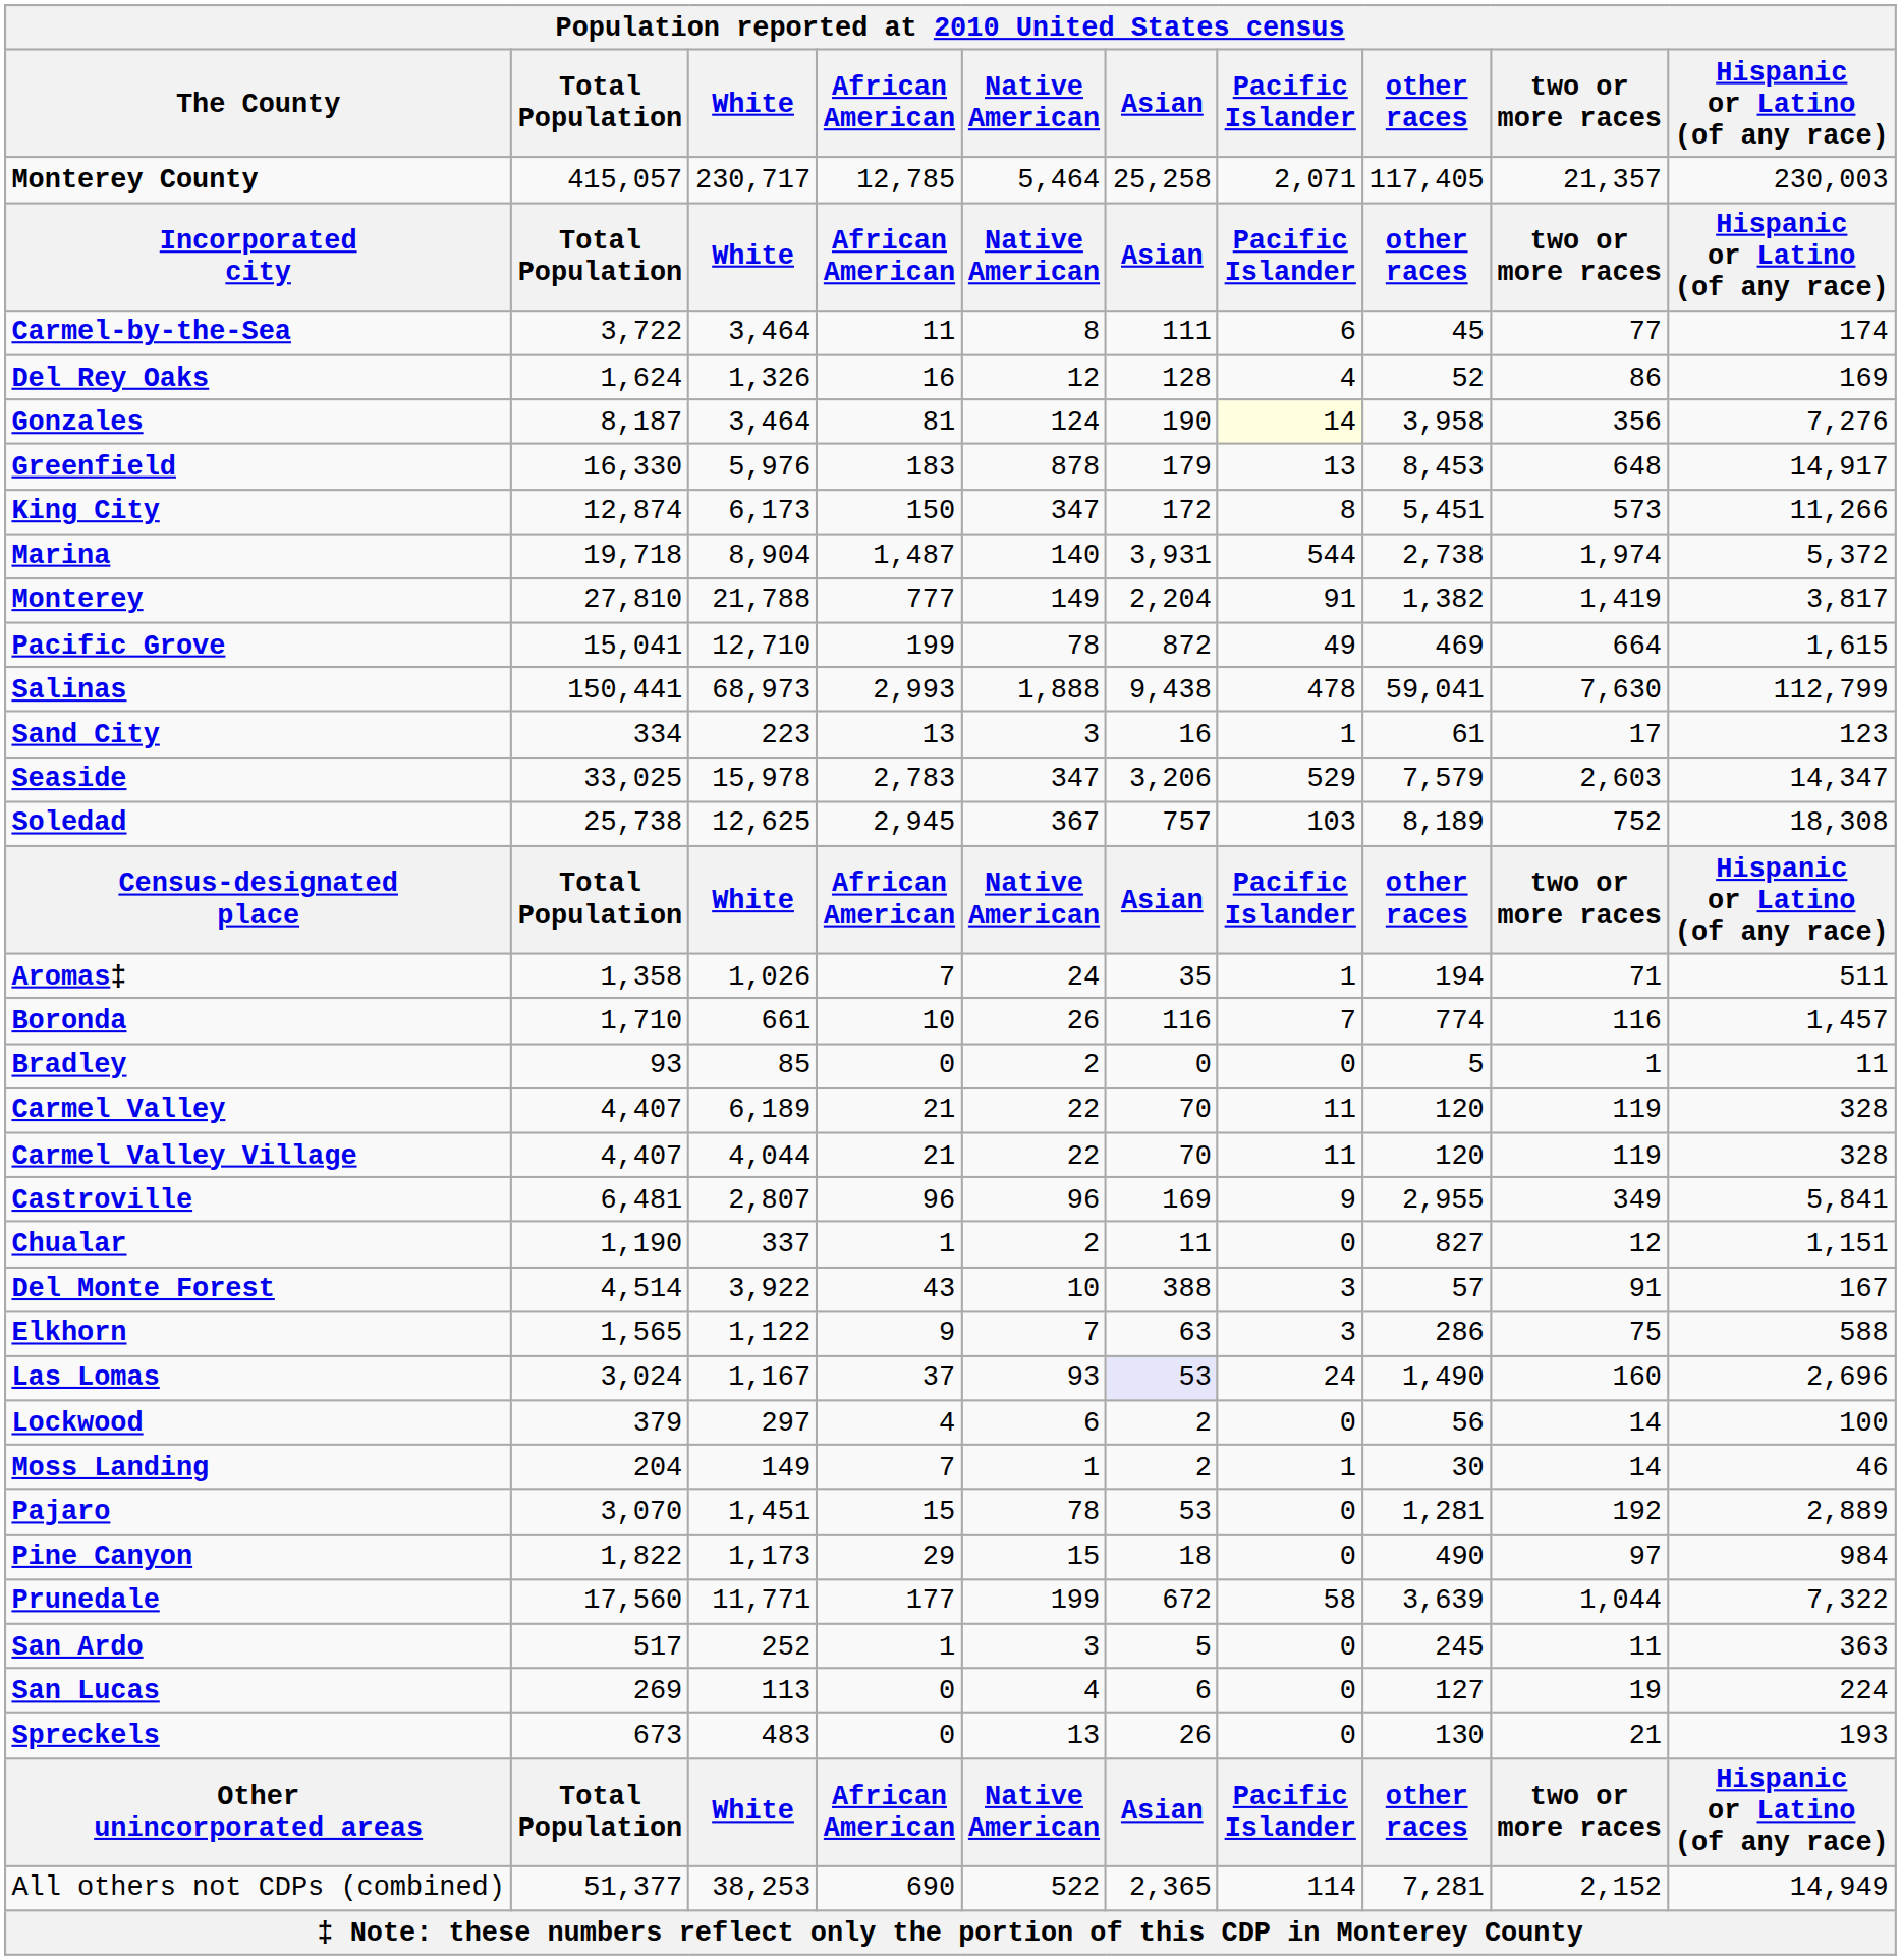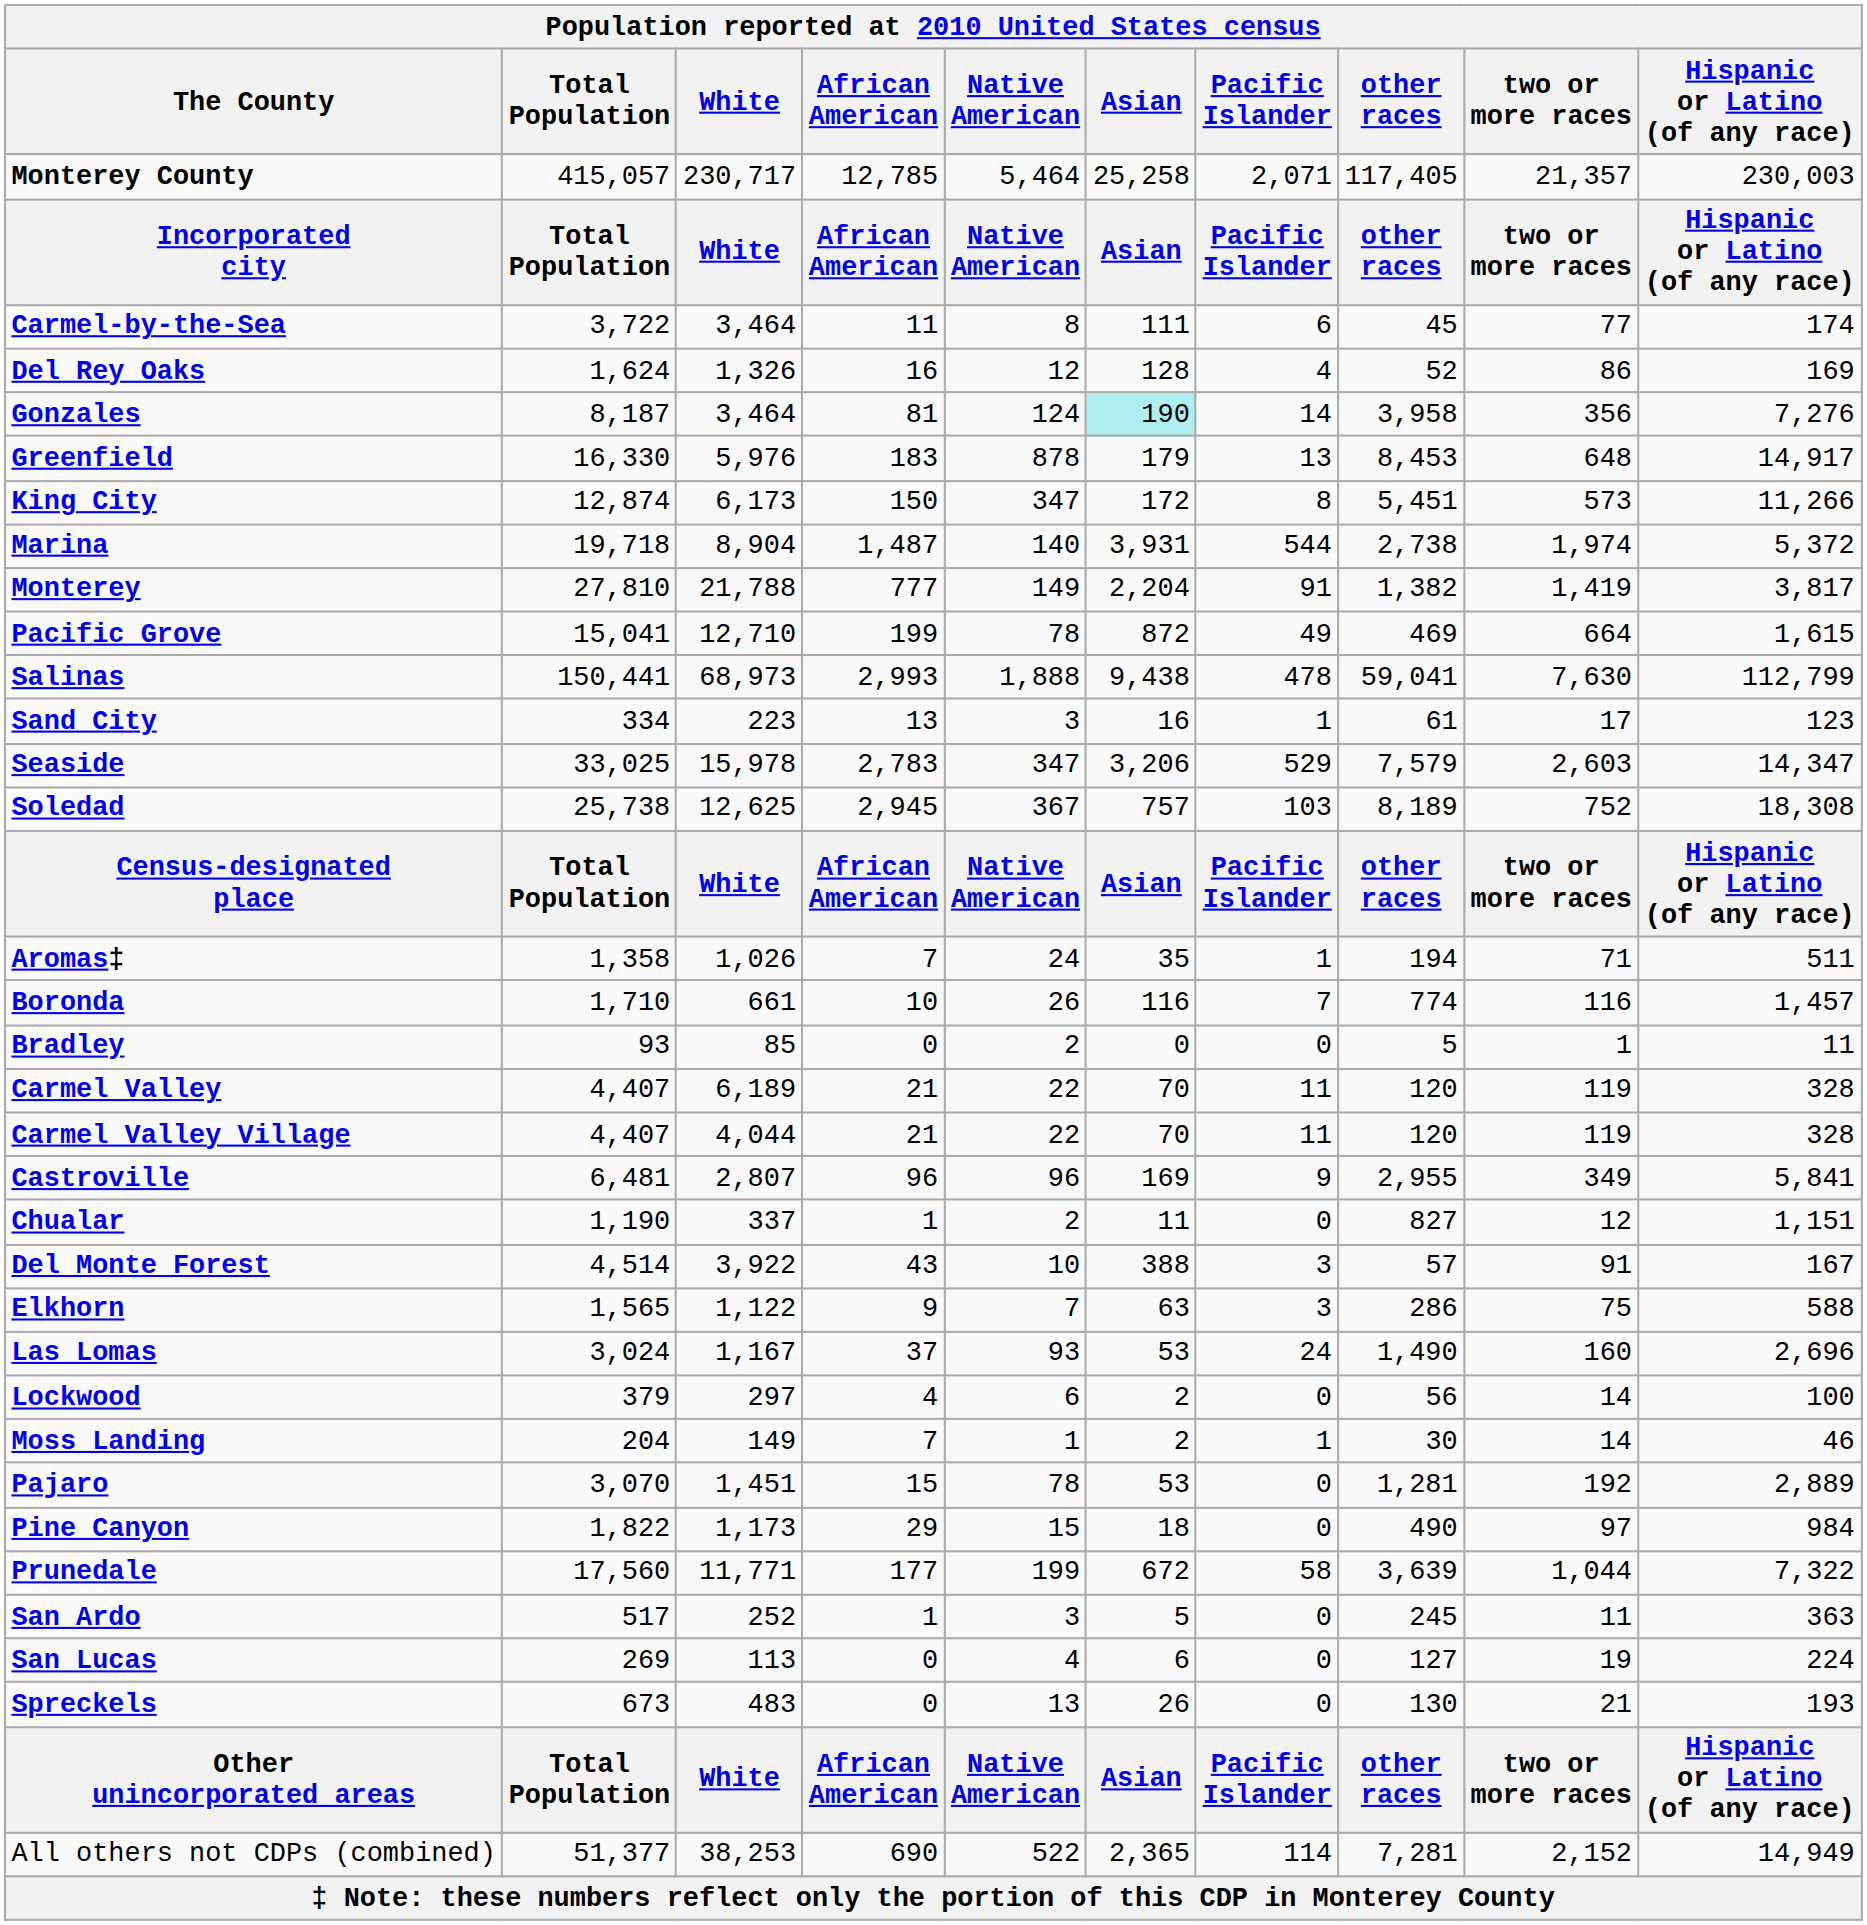 <table class="wikitable collapsible collapsed">
 <tr>
 <th colspan=10>Population reported at <a href='#'>2010 United States census</a></th>
 </tr>
 <tr>
 <th>The County</th>
 <th>Total<br>Population</th>
 <th><a href='#'>White</a></th>
 <th><a href='#'>African<br>American</a></th>
 <th><a href='#'>Native<br>American</a></th>
 <th><a href='#'>Asian</a></th>
 <th><a href='#'>Pacific<br>Islander</a></th>
 <th><a href='#'>other<br>races</a></th>
 <th>two or<br>more races</th>
 <th><a href='#'>Hispanic</a><br>or <a href='#'>Latino</a><br>(of any race)</th>
 </tr>
 <tr>
 <td><strong> Monterey County</strong></td>
 <td align="right">415,057</td>
 <td align="right">230,717</td>
 <td align="right">12,785</td>
 <td align="right">5,464</td>
 <td align="right">25,258</td>
 <td align="right">2,071</td>
 <td align="right">117,405</td>
 <td align="right">21,357</td>
 <td align="right">230,003</td>
 </tr>
 <tr>
 <th><a href='#'>Incorporated<br>city</a></th>
 <th>Total<br>Population</th>
 <th><a href='#'>White</a></th>
 <th><a href='#'>African<br>American</a></th>
 <th><a href='#'>Native<br>American</a></th>
 <th><a href='#'>Asian</a></th>
 <th><a href='#'>Pacific<br>Islander</a></th>
 <th><a href='#'>other<br>races</a></th>
 <th>two or<br>more races</th>
 <th><a href='#'>Hispanic</a><br>or <a href='#'>Latino</a><br>(of any race)</th>
 </tr>
 <tr>
 <td><strong><a href='#'>Carmel-by-the-Sea</a></strong></td>
 <td align="right">3,722</td>
 <td align="right">3,464</td>
 <td align="right">11</td>
 <td align="right">8</td>
 <td align="right">111</td>
 <td align="right">6</td>
 <td align="right">45</td>
 <td align="right">77</td>
 <td align="right">174</td>
 </tr>
 <tr>
 <td><strong><a href='#'>Del Rey Oaks</a></strong></td>
 <td align="right">1,624</td>
 <td align="right">1,326</td>
 <td align="right">16</td>
 <td align="right">12</td>
 <td align="right">128</td>
 <td align="right">4</td>
 <td align="right">52</td>
 <td align="right">86</td>
 <td align="right">169</td>
 </tr>
 <tr>
 <td><strong><a href='#'>Gonzales</a></strong></td>
 <td align="right">8,187</td>
 <td align="right">3,464</td>
 <td align="right">81</td>
 <td align="right">124</td>
-<td align="right">190</td>
-<td align="right" style="background: lightyellow;">14</td>
+<td align="right" style="background: paleturquoise;">190</td>
+<td align="right">14</td>
 <td align="right">3,958</td>
 <td align="right">356</td>
 <td align="right">7,276</td>
 </tr>
 <tr>
 <td><strong><a href='#'>Greenfield</a></strong></td>
 <td align="right">16,330</td>
 <td align="right">5,976</td>
 <td align="right">183</td>
 <td align="right">878</td>
 <td align="right">179</td>
 <td align="right">13</td>
 <td align="right">8,453</td>
 <td align="right">648</td>
 <td align="right">14,917</td>
 </tr>
 <tr>
 <td><strong><a href='#'>King City</a></strong></td>
 <td align="right">12,874</td>
 <td align="right">6,173</td>
 <td align="right">150</td>
 <td align="right">347</td>
 <td align="right">172</td>
 <td align="right">8</td>
 <td align="right">5,451</td>
 <td align="right">573</td>
 <td align="right">11,266</td>
 </tr>
 <tr>
 <td><strong><a href='#'>Marina</a></strong></td>
 <td align="right">19,718</td>
 <td align="right">8,904</td>
 <td align="right">1,487</td>
 <td align="right">140</td>
 <td align="right">3,931</td>
 <td align="right">544</td>
 <td align="right">2,738</td>
 <td align="right">1,974</td>
 <td align="right">5,372</td>
 </tr>
 <tr>
 <td><strong><a href='#'>Monterey</a></strong></td>
 <td align="right">27,810</td>
 <td align="right">21,788</td>
 <td align="right">777</td>
 <td align="right">149</td>
 <td align="right">2,204</td>
 <td align="right">91</td>
 <td align="right">1,382</td>
 <td align="right">1,419</td>
 <td align="right">3,817</td>
 </tr>
 <tr>
 <td><strong><a href='#'>Pacific Grove</a></strong></td>
 <td align="right">15,041</td>
 <td align="right">12,710</td>
 <td align="right">199</td>
 <td align="right">78</td>
 <td align="right">872</td>
 <td align="right">49</td>
 <td align="right">469</td>
 <td align="right">664</td>
 <td align="right">1,615</td>
 </tr>
 <tr>
 <td><strong><a href='#'>Salinas</a></strong></td>
 <td align="right">150,441</td>
 <td align="right">68,973</td>
 <td align="right">2,993</td>
 <td align="right">1,888</td>
 <td align="right">9,438</td>
 <td align="right">478</td>
 <td align="right">59,041</td>
 <td align="right">7,630</td>
 <td align="right">112,799</td>
 </tr>
 <tr>
 <td><strong><a href='#'>Sand City</a></strong></td>
 <td align="right">334</td>
 <td align="right">223</td>
 <td align="right">13</td>
 <td align="right">3</td>
 <td align="right">16</td>
 <td align="right">1</td>
 <td align="right">61</td>
 <td align="right">17</td>
 <td align="right">123</td>
 </tr>
 <tr>
 <td><strong><a href='#'>Seaside</a></strong></td>
 <td align="right">33,025</td>
 <td align="right">15,978</td>
 <td align="right">2,783</td>
 <td align="right">347</td>
 <td align="right">3,206</td>
 <td align="right">529</td>
 <td align="right">7,579</td>
 <td align="right">2,603</td>
 <td align="right">14,347</td>
 </tr>
 <tr>
 <td><strong><a href='#'>Soledad</a></strong></td>
 <td align="right">25,738</td>
 <td align="right">12,625</td>
 <td align="right">2,945</td>
 <td align="right">367</td>
 <td align="right">757</td>
 <td align="right">103</td>
 <td align="right">8,189</td>
 <td align="right">752</td>
 <td align="right">18,308</td>
 </tr>
 <tr>
 <th><a href='#'>Census-designated<br>place</a></th>
 <th>Total<br>Population</th>
 <th><a href='#'>White</a></th>
 <th><a href='#'>African<br>American</a></th>
 <th><a href='#'>Native<br>American</a></th>
 <th><a href='#'>Asian</a></th>
 <th><a href='#'>Pacific<br>Islander</a></th>
 <th><a href='#'>other<br>races</a></th>
 <th>two or<br>more races</th>
 <th><a href='#'>Hispanic</a><br>or <a href='#'>Latino</a><br>(of any race)</th>
 </tr>
 <tr>
 <td><strong><a href='#'>Aromas</a>‡</strong></td>
 <td align="right">1,358</td>
 <td align="right">1,026</td>
 <td align="right">7</td>
 <td align="right">24</td>
 <td align="right">35</td>
 <td align="right">1</td>
 <td align="right">194</td>
 <td align="right">71</td>
 <td align="right">511</td>
 </tr>
 <tr>
 <td><strong><a href='#'>Boronda</a></strong></td>
 <td align="right">1,710</td>
 <td align="right">661</td>
 <td align="right">10</td>
 <td align="right">26</td>
 <td align="right">116</td>
 <td align="right">7</td>
 <td align="right">774</td>
 <td align="right">116</td>
 <td align="right">1,457</td>
 </tr>
 <tr>
 <td><strong><a href='#'>Bradley</a></strong></td>
 <td align="right">93</td>
 <td align="right">85</td>
 <td align="right">0</td>
 <td align="right">2</td>
 <td align="right">0</td>
 <td align="right">0</td>
 <td align="right">5</td>
 <td align="right">1</td>
 <td align="right">11</td>
 </tr>
 <tr>
 <td><strong><a href='#'>Carmel Valley</a></strong></td>
 <td align="right">4,407</td>
 <td align="right">6,189</td>
 <td align="right">21</td>
 <td align="right">22</td>
 <td align="right">70</td>
 <td align="right">11</td>
 <td align="right">120</td>
 <td align="right">119</td>
 <td align="right">328</td>
 </tr>
 <tr>
 <td><strong><a href='#'>Carmel Valley Village</a></strong></td>
 <td align="right">4,407</td>
 <td align="right">4,044</td>
 <td align="right">21</td>
 <td align="right">22</td>
 <td align="right">70</td>
 <td align="right">11</td>
 <td align="right">120</td>
 <td align="right">119</td>
 <td align="right">328</td>
 </tr>
 <tr>
 <td><strong><a href='#'>Castroville</a></strong></td>
 <td align="right">6,481</td>
 <td align="right">2,807</td>
 <td align="right">96</td>
 <td align="right">96</td>
 <td align="right">169</td>
 <td align="right">9</td>
 <td align="right">2,955</td>
 <td align="right">349</td>
 <td align="right">5,841</td>
 </tr>
 <tr>
 <td><strong><a href='#'>Chualar</a></strong></td>
 <td align="right">1,190</td>
 <td align="right">337</td>
 <td align="right">1</td>
 <td align="right">2</td>
 <td align="right">11</td>
 <td align="right">0</td>
 <td align="right">827</td>
 <td align="right">12</td>
 <td align="right">1,151</td>
 </tr>
 <tr>
 <td><strong><a href='#'>Del Monte Forest</a></strong></td>
 <td align="right">4,514</td>
 <td align="right">3,922</td>
 <td align="right">43</td>
 <td align="right">10</td>
 <td align="right">388</td>
 <td align="right">3</td>
 <td align="right">57</td>
 <td align="right">91</td>
 <td align="right">167</td>
 </tr>
 <tr>
 <td><strong><a href='#'>Elkhorn</a></strong></td>
 <td align="right">1,565</td>
 <td align="right">1,122</td>
 <td align="right">9</td>
 <td align="right">7</td>
 <td align="right">63</td>
 <td align="right">3</td>
 <td align="right">286</td>
 <td align="right">75</td>
 <td align="right">588</td>
 </tr>
 <tr>
 <td><strong><a href='#'>Las Lomas</a></strong></td>
 <td align="right">3,024</td>
 <td align="right">1,167</td>
 <td align="right">37</td>
 <td align="right">93</td>
-<td align="right" style="background: lavender;">53</td>
+<td align="right">53</td>
 <td align="right">24</td>
 <td align="right">1,490</td>
 <td align="right">160</td>
 <td align="right">2,696</td>
 </tr>
 <tr>
 <td><strong><a href='#'>Lockwood</a></strong></td>
 <td align="right">379</td>
 <td align="right">297</td>
 <td align="right">4</td>
 <td align="right">6</td>
 <td align="right">2</td>
 <td align="right">0</td>
 <td align="right">56</td>
 <td align="right">14</td>
 <td align="right">100</td>
 </tr>
 <tr>
 <td><strong><a href='#'>Moss Landing</a></strong></td>
 <td align="right">204</td>
 <td align="right">149</td>
 <td align="right">7</td>
 <td align="right">1</td>
 <td align="right">2</td>
 <td align="right">1</td>
 <td align="right">30</td>
 <td align="right">14</td>
 <td align="right">46</td>
 </tr>
 <tr>
 <td><strong><a href='#'>Pajaro</a></strong></td>
 <td align="right">3,070</td>
 <td align="right">1,451</td>
 <td align="right">15</td>
 <td align="right">78</td>
 <td align="right">53</td>
 <td align="right">0</td>
 <td align="right">1,281</td>
 <td align="right">192</td>
 <td align="right">2,889</td>
 </tr>
 <tr>
 <td><strong><a href='#'>Pine Canyon</a></strong></td>
 <td align="right">1,822</td>
 <td align="right">1,173</td>
 <td align="right">29</td>
 <td align="right">15</td>
 <td align="right">18</td>
 <td align="right">0</td>
 <td align="right">490</td>
 <td align="right">97</td>
 <td align="right">984</td>
 </tr>
 <tr>
 <td><strong><a href='#'>Prunedale</a></strong></td>
 <td align="right">17,560</td>
 <td align="right">11,771</td>
 <td align="right">177</td>
 <td align="right">199</td>
 <td align="right">672</td>
 <td align="right">58</td>
 <td align="right">3,639</td>
 <td align="right">1,044</td>
 <td align="right">7,322</td>
 </tr>
 <tr>
 <td><strong><a href='#'>San Ardo</a></strong></td>
 <td align="right">517</td>
 <td align="right">252</td>
 <td align="right">1</td>
 <td align="right">3</td>
 <td align="right">5</td>
 <td align="right">0</td>
 <td align="right">245</td>
 <td align="right">11</td>
 <td align="right">363</td>
 </tr>
 <tr>
 <td><strong><a href='#'>San Lucas</a></strong></td>
 <td align="right">269</td>
 <td align="right">113</td>
 <td align="right">0</td>
 <td align="right">4</td>
 <td align="right">6</td>
 <td align="right">0</td>
 <td align="right">127</td>
 <td align="right">19</td>
 <td align="right">224</td>
 </tr>
 <tr>
 <td><strong><a href='#'>Spreckels</a></strong></td>
 <td align="right">673</td>
 <td align="right">483</td>
 <td align="right">0</td>
 <td align="right">13</td>
 <td align="right">26</td>
 <td align="right">0</td>
 <td align="right">130</td>
 <td align="right">21</td>
 <td align="right">193</td>
 </tr>
 <tr>
 <th>Other<br><a href='#'>unincorporated areas</a></th>
 <th>Total<br>Population</th>
 <th><a href='#'>White</a></th>
 <th><a href='#'>African<br>American</a></th>
 <th><a href='#'>Native<br>American</a></th>
 <th><a href='#'>Asian</a></th>
 <th><a href='#'>Pacific<br>Islander</a></th>
 <th><a href='#'>other<br>races</a></th>
 <th>two or<br>more races</th>
 <th><a href='#'>Hispanic</a><br>or <a href='#'>Latino</a><br>(of any race)</th>
 </tr>
 <tr>
 <td>All others not CDPs (combined)</td>
 <td align="right">51,377</td>
 <td align="right">38,253</td>
 <td align="right">690</td>
 <td align="right">522</td>
 <td align="right">2,365</td>
 <td align="right">114</td>
 <td align="right">7,281</td>
 <td align="right">2,152</td>
 <td align="right">14,949</td>
 </tr>
 <tr>
 <th colspan=10>‡ Note: these numbers reflect only the portion of this CDP in Monterey County</th>
 </tr>
 </table>
